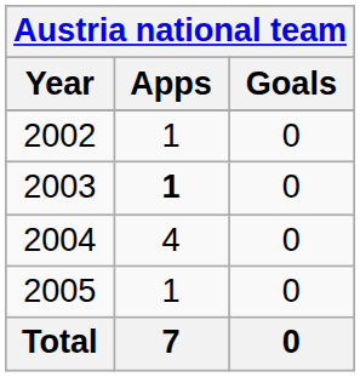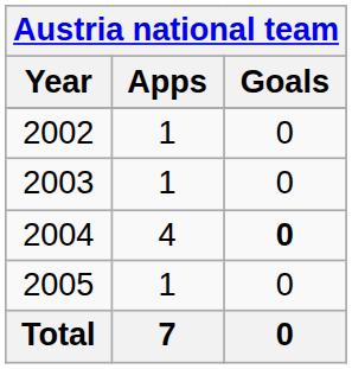 <table class="wikitable" style="text-align:center">
 <tr>
 <th colspan=3><a href='#'>Austria national team</a></th>
 </tr>
 <tr>
 <th>Year</th>
 <th>Apps</th>
 <th>Goals</th>
 </tr>
 <tr>
 </tr>
 <tr>
 <td>2002</td>
 <td>1</td>
 <td>0</td>
 </tr>
 <tr>
 <td>2003</td>
-<td><strong>1</strong></td>
+<td>1</td>
 <td>0</td>
 </tr>
 <tr>
 <td>2004</td>
 <td>4</td>
-<td>0</td>
+<td><strong>0</strong></td>
 </tr>
 <tr>
 <td>2005</td>
 <td>1</td>
 <td>0</td>
 </tr>
 <tr>
 <th>Total</th>
 <th>7</th>
 <th>0</th>
 </tr>
 </table>
